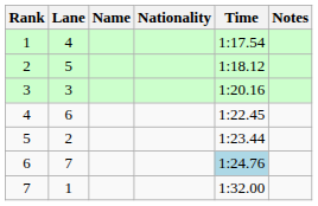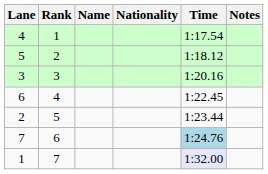 <table class="wikitable sortable" style="text-align:center">
 <tr>
+<th>Lane</th>
 <th>Rank</th>
-<th>Lane</th>
 <th>Name</th>
 <th>Nationality</th>
 <th>Time</th>
 <th>Notes</th>
 </tr>
 <tr bgcolor=ccffcc>
+<td>4</td>
 <td>1</td>
-<td>4</td>
 <td align=left></td>
 <td align=left></td>
 <td>1:17.54</td>
 <td><strong></strong></td>
 </tr>
 <tr bgcolor=ccffcc>
+<td>5</td>
 <td>2</td>
-<td>5</td>
 <td align=left></td>
 <td align=left></td>
 <td>1:18.12</td>
 <td><strong></strong></td>
 </tr>
 <tr bgcolor=ccffcc>
 <td>3</td>
 <td>3</td>
 <td align=left></td>
 <td align=left></td>
 <td>1:20.16</td>
 <td><strong></strong></td>
 </tr>
 <tr>
+<td>6</td>
 <td>4</td>
-<td>6</td>
 <td align=left></td>
 <td align=left></td>
 <td>1:22.45</td>
 <td></td>
 </tr>
 <tr>
+<td>2</td>
 <td>5</td>
-<td>2</td>
 <td align=left></td>
 <td align=left></td>
 <td>1:23.44</td>
 <td></td>
 </tr>
 <tr>
+<td>7</td>
 <td>6</td>
-<td>7</td>
 <td align=left></td>
 <td align=left></td>
 <td style="background: lightblue;">1:24.76</td>
 <td></td>
 </tr>
 <tr>
+<td>1</td>
 <td>7</td>
-<td>1</td>
 <td align=left></td>
 <td align=left></td>
-<td>1:32.00</td>
+<td style="background: lavender;">1:32.00</td>
 <td></td>
 </tr>
 </table>
